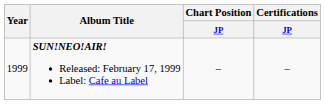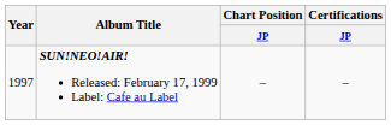 <table class="wikitable">
 <tr>
 <th align="center" rowspan="2">Year</th>
 <th align="center" rowspan="2">Album Title</th>
 <th align="center">Chart Position</th>
 <th align="center">Certifications</th>
 </tr>
 <tr>
 <th align="center"><small><a href='#'>JP</a></small></th>
 <th align="center"><small><a href='#'>JP</a></small></th>
 </tr>
 <tr>
-<td align="center" rowspan="1">1999</td>
+<td align="center" rowspan="1">1997</td>
 <td align="left"><strong><em>SUN!NEO!AIR!</em></strong><br><ul><li>Released: February 17, 1999</li><li>Label: <a href='#'>Cafe au Label</a></li></ul></td>
 <td align="center">–</td>
 <td align="center">–</td>
 </tr>
 </table>
